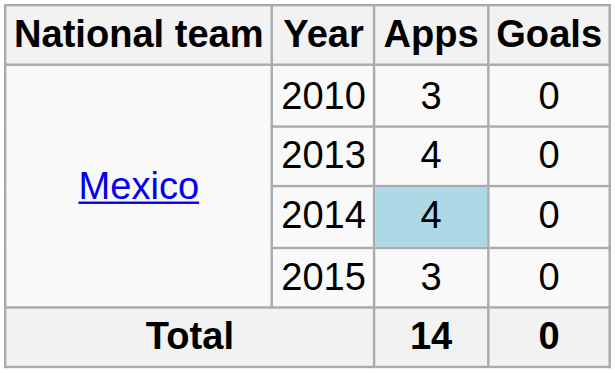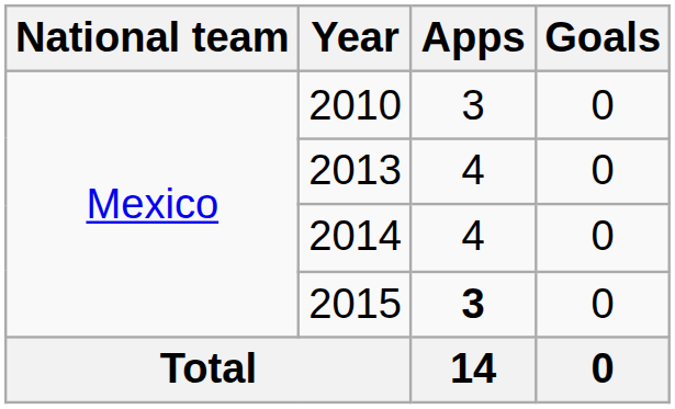 <table class="wikitable" style="text-align: center;">
 <tr>
 <th>National team</th>
 <th>Year</th>
 <th>Apps</th>
 <th>Goals</th>
 </tr>
 <tr>
 <td rowspan="4" valign="center"><a href='#'>Mexico</a></td>
 <td>2010</td>
 <td>3</td>
 <td>0</td>
 </tr>
 <tr>
 <td>2013</td>
 <td>4</td>
 <td>0</td>
 </tr>
 <tr>
 <td>2014</td>
-<td style="background: lightblue;">4</td>
+<td>4</td>
 <td>0</td>
 </tr>
 <tr>
 <td>2015</td>
-<td>3</td>
+<td><strong>3</strong></td>
 <td>0</td>
 </tr>
 <tr>
 <th colspan="2">Total</th>
 <th>14</th>
 <th>0</th>
 </tr>
 </table>
